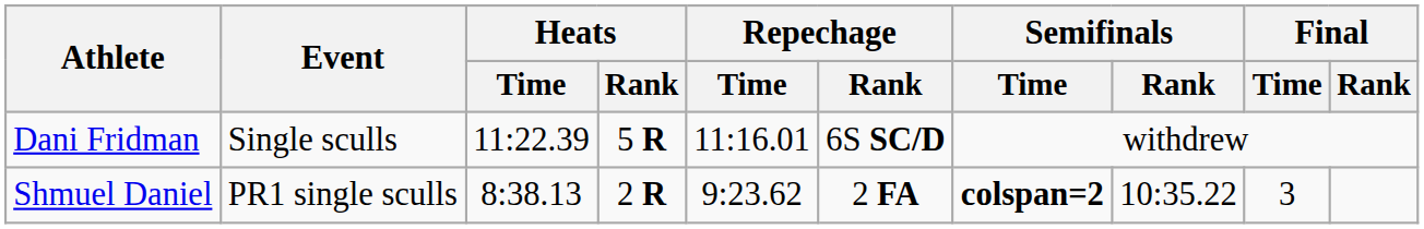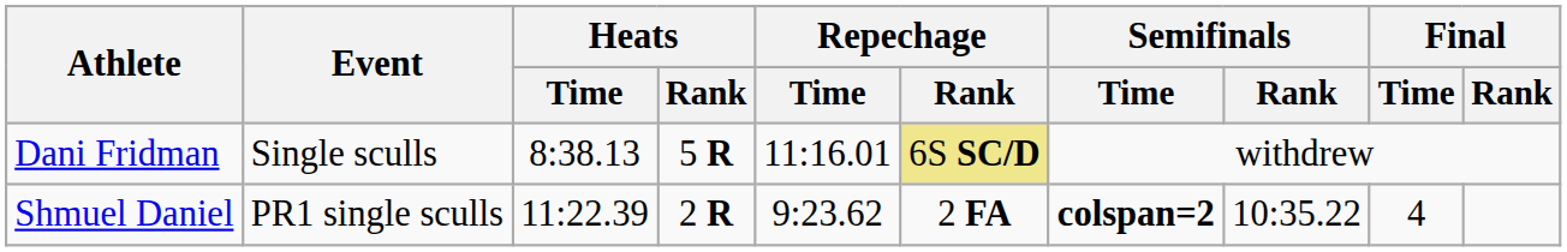 <table class="wikitable" style="font-size:90%">
 <tr>
 <th rowspan="2">Athlete</th>
 <th rowspan="2">Event</th>
 <th colspan="2">Heats</th>
 <th colspan="2">Repechage</th>
 <th colspan="2">Semifinals</th>
 <th colspan="2">Final</th>
 </tr>
 <tr style="font-size:95%">
 <th>Time</th>
 <th>Rank</th>
 <th>Time</th>
 <th>Rank</th>
 <th>Time</th>
 <th>Rank</th>
 <th>Time</th>
 <th>Rank</th>
 </tr>
 <tr align=center>
 <td align=left><a href='#'>Dani Fridman</a></td>
 <td align=left>Single sculls</td>
-<td>11:22.39</td>
+<td>8:38.13</td>
 <td>5 <strong>R</strong></td>
 <td>11:16.01</td>
-<td>6S <strong>SC/D</strong></td>
+<td style="background: khaki;">6S <strong>SC/D</strong></td>
 <td colspan=4>withdrew</td>
 </tr>
 <tr align=center>
 <td align=left><a href='#'>Shmuel Daniel</a></td>
 <td align=left>PR1 single sculls</td>
-<td>8:38.13</td>
+<td>11:22.39</td>
 <td>2 <strong>R</strong></td>
 <td>9:23.62</td>
 <td>2 <strong>FA</strong></td>
 <td><strong>colspan=2 </strong></td>
 <td>10:35.22</td>
-<td>3</td>
+<td>4</td>
 </tr>
 </table>
